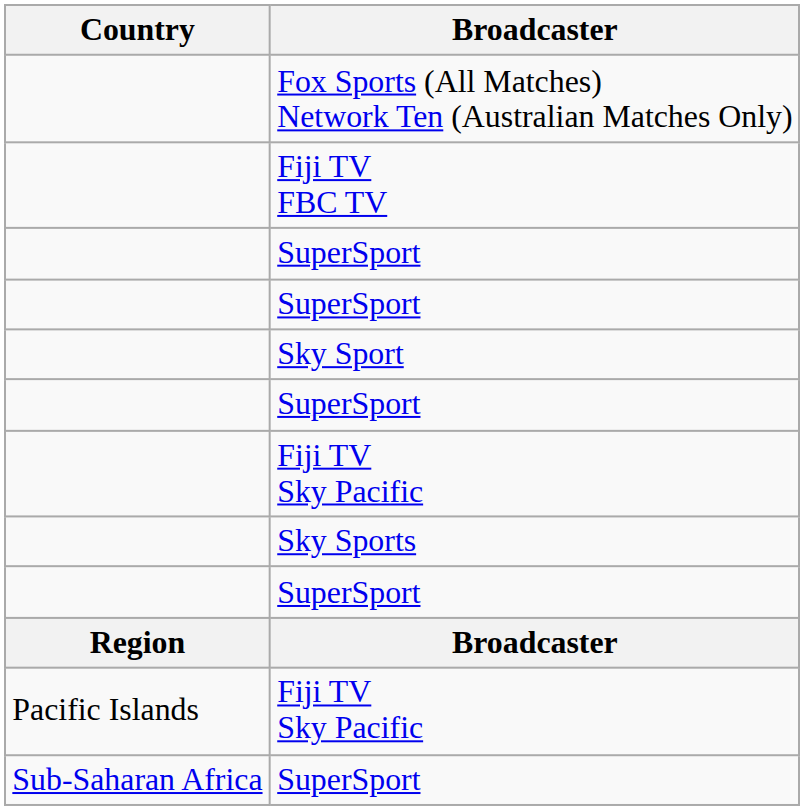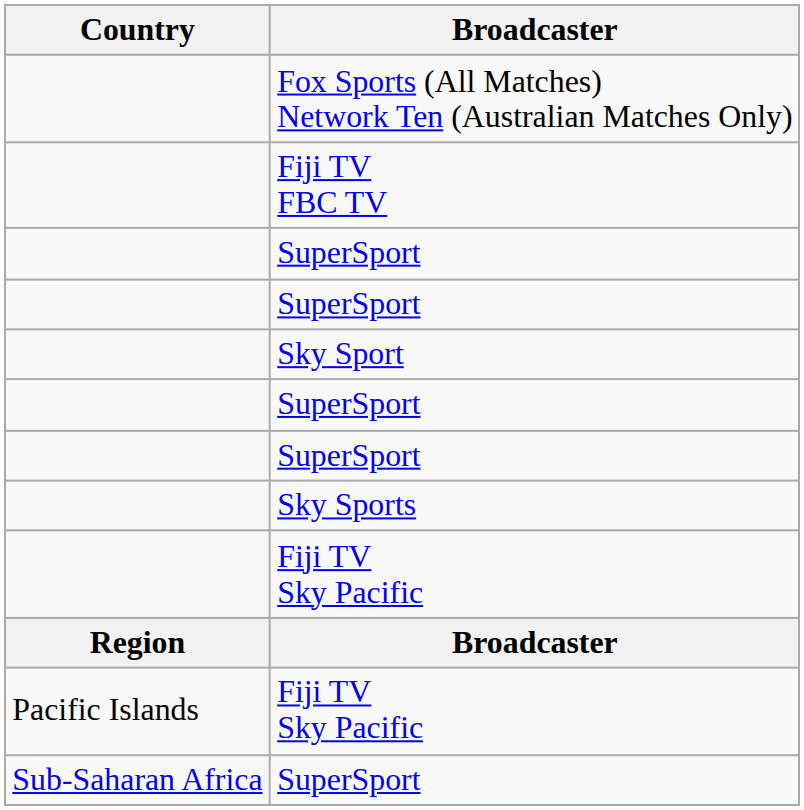 <table class=wikitable>
 <tr>
 <th>Country</th>
 <th>Broadcaster</th>
 </tr>
 <tr>
 <td></td>
 <td><a href='#'>Fox Sports</a> (All Matches) <br><a href='#'>Network Ten</a> (Australian Matches Only)</td>
 </tr>
 <tr>
 <td></td>
 <td><a href='#'>Fiji TV</a><br> <a href='#'>FBC TV</a></td>
 </tr>
 <tr>
 <td></td>
 <td><a href='#'>SuperSport</a></td>
 </tr>
 <tr>
 <td></td>
 <td><a href='#'>SuperSport</a></td>
 </tr>
 <tr>
 <td></td>
 <td><a href='#'>Sky Sport</a></td>
 </tr>
 <tr>
 <td></td>
 <td><a href='#'>SuperSport</a></td>
 </tr>
 <tr>
 <td></td>
-<td><a href='#'>Fiji TV</a> <br><a href='#'>Sky Pacific</a></td>
+<td><a href='#'>SuperSport</a></td>
 </tr>
 <tr>
 <td></td>
 <td><a href='#'>Sky Sports</a></td>
 </tr>
 <tr>
 <td></td>
-<td><a href='#'>SuperSport</a></td>
+<td><a href='#'>Fiji TV</a> <br><a href='#'>Sky Pacific</a></td>
 </tr>
 <tr>
 <th>Region</th>
 <th>Broadcaster</th>
 </tr>
 <tr>
 <td>Pacific Islands</td>
 <td><a href='#'>Fiji TV</a> <br><a href='#'>Sky Pacific</a></td>
 </tr>
 <tr>
 <td><a href='#'>Sub-Saharan Africa</a></td>
 <td><a href='#'>SuperSport</a></td>
 </tr>
 </table>
